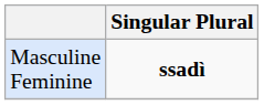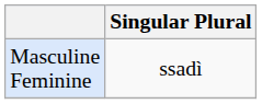 <table class="wikitable">
 <tr style="font-style:normal; font-weight:normal; background-color:#dae8fc;">
 <th></th>
 <th style="font-family:serif !important;">Singular   Plural</th>
 </tr>
 <tr>
 <td style="background-color:#dae8fc; font-style:normal; font-weight:normal;">Masculine <br> Feminine</td>
-<td align="center"><strong>ssadì</strong></td>
+<td align="center">ssadì</td>
 </tr>
 <tr>
 </tr>
 </table>
